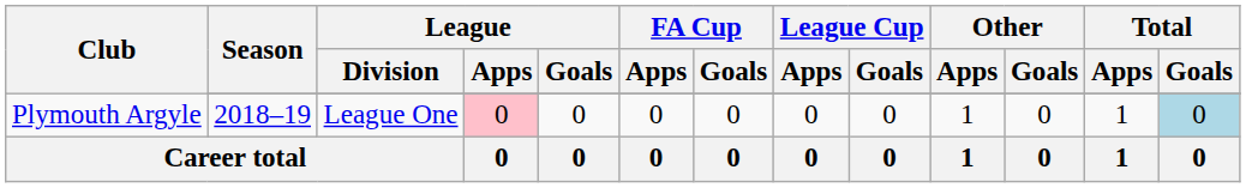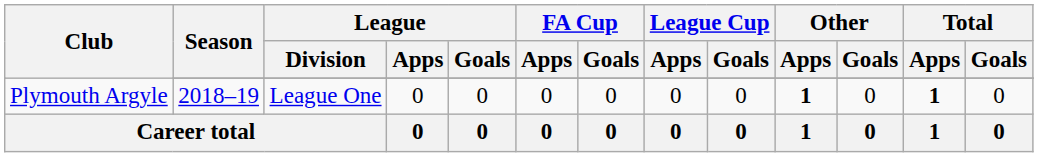 <table class="wikitable" style="text-align:center">
 <tr>
 <th rowspan="2">Club</th>
 <th rowspan="2">Season</th>
 <th colspan="3">League</th>
 <th colspan="2"><a href='#'>FA Cup</a></th>
 <th colspan="2"><a href='#'>League Cup</a></th>
 <th colspan="2">Other</th>
 <th colspan="2">Total</th>
 </tr>
 <tr>
 <th>Division</th>
 <th>Apps</th>
 <th>Goals</th>
 <th>Apps</th>
 <th>Goals</th>
 <th>Apps</th>
 <th>Goals</th>
 <th>Apps</th>
 <th>Goals</th>
 <th>Apps</th>
 <th>Goals</th>
 </tr>
 <tr>
 <td rowspan="2"><a href='#'>Plymouth Argyle</a></td>
 </tr>
 <tr>
 <td><a href='#'>2018–19</a></td>
 <td><a href='#'>League One</a></td>
-<td style="background: pink;">0</td>
 <td>0</td>
 <td>0</td>
 <td>0</td>
 <td>0</td>
 <td>0</td>
-<td>1</td>
 <td>0</td>
-<td>1</td>
-<td style="background: lightblue;">0</td>
+<td><strong>1</strong></td>
+<td>0</td>
+<td><strong>1</strong></td>
+<td>0</td>
 </tr>
 <tr>
 <th colspan="3">Career total</th>
 <th>0</th>
 <th>0</th>
 <th>0</th>
 <th>0</th>
 <th>0</th>
 <th>0</th>
 <th>1</th>
 <th>0</th>
 <th>1</th>
 <th>0</th>
 </tr>
 </table>
